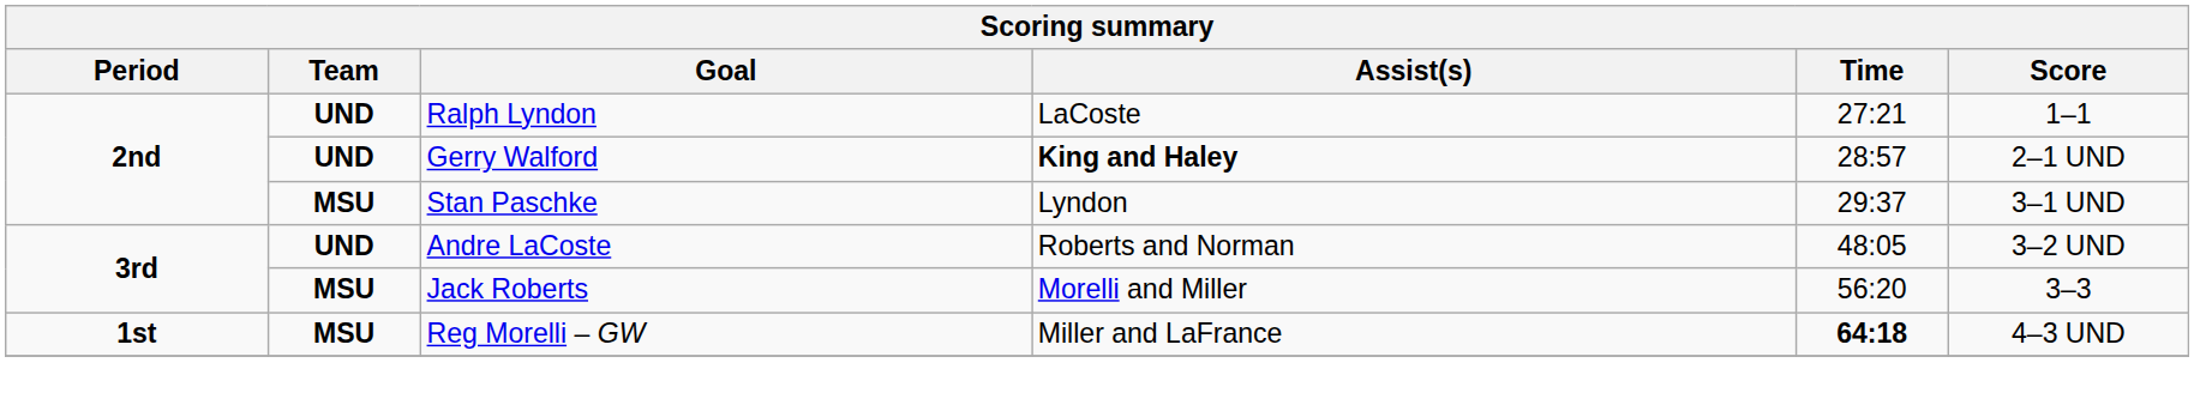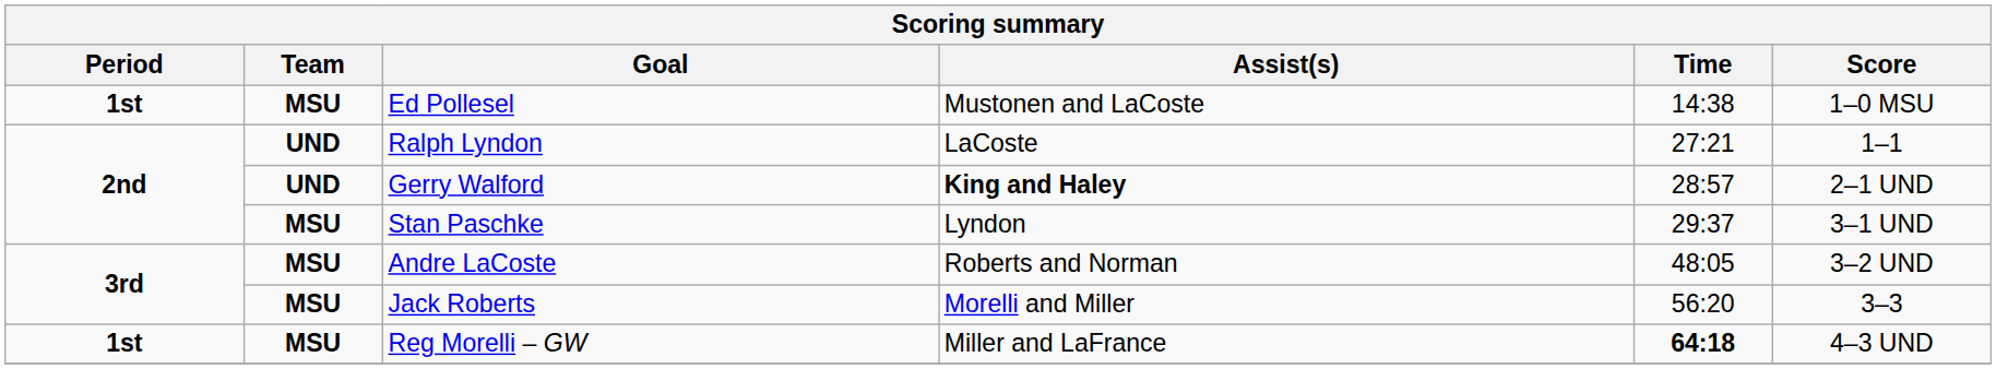 <table style="width:100%;" class="wikitable">
 <tr>
 <th colspan=6>Scoring summary</th>
 </tr>
 <tr>
 <th style="width:12%;">Period</th>
 <th style="width:7%;">Team</th>
 <th style="width:28%;">Goal</th>
 <th style="width:35%;">Assist(s)</th>
 <th style="width:7%;">Time</th>
 <th style="width:11%;">Score</th>
+</tr>
+<tr>
+<td style="text-align:center;" rowspan="1"><strong>1st</strong></td>
+<td align=center><strong>MSU</strong></td>
+<td><a href='#'>Ed Pollesel</a></td>
+<td>Mustonen and LaCoste</td>
+<td align=center>14:38</td>
+<td align=center>1–0 MSU</td>
 </tr>
 <tr>
 <td style="text-align:center;" rowspan="3"><strong>2nd</strong></td>
 <td align=center><strong>UND</strong></td>
 <td><a href='#'>Ralph Lyndon</a></td>
 <td>LaCoste</td>
 <td align=center>27:21</td>
 <td align=center>1–1</td>
 </tr>
 <tr>
 <td align=center><strong>UND</strong></td>
 <td><a href='#'>Gerry Walford</a></td>
 <td><strong>King and Haley</strong></td>
 <td align=center>28:57</td>
 <td align=center>2–1 UND</td>
 </tr>
 <tr>
 <td align=center><strong>MSU</strong></td>
 <td><a href='#'>Stan Paschke</a></td>
 <td>Lyndon</td>
 <td align=center>29:37</td>
 <td align=center>3–1 UND</td>
 </tr>
 <tr>
 <td style="text-align:center;" rowspan="2"><strong>3rd</strong></td>
-<td align=center><strong>UND</strong></td>
+<td align=center><strong>MSU</strong></td>
 <td><a href='#'>Andre LaCoste</a></td>
 <td>Roberts and Norman</td>
 <td align=center>48:05</td>
 <td align=center>3–2 UND</td>
 </tr>
 <tr>
 <td align=center><strong>MSU</strong></td>
 <td><a href='#'>Jack Roberts</a></td>
 <td><a href='#'>Morelli</a> and Miller</td>
 <td align=center>56:20</td>
 <td align=center>3–3</td>
 </tr>
 <tr>
 <td style="text-align:center;" rowspan="1"><strong>1st</strong></td>
 <td align=center><strong>MSU</strong></td>
 <td><a href='#'>Reg Morelli</a> – <em>GW</em></td>
 <td>Miller and LaFrance</td>
 <td align=center><strong>64:18</strong></td>
 <td align=center>4–3 UND</td>
 </tr>
 <tr>
 </tr>
 </table>
